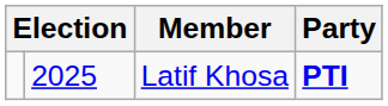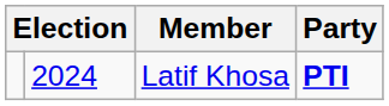 <table class="wikitable">
 <tr>
 <th colspan="2">Election</th>
 <th>Member</th>
 <th>Party</th>
 </tr>
 <tr>
 <td style="background-color: "></td>
-<td><a href='#'>2025</a></td>
+<td><a href='#'>2024</a></td>
 <td><a href='#'>Latif Khosa</a></td>
 <td><strong><a href='#'>PTI</a></strong></td>
 </tr>
 </table>
